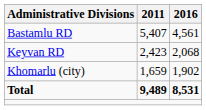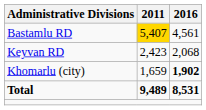 <table class="wikitable">
 <tr>
 <th>Administrative Divisions</th>
 <th>2011</th>
 <th>2016</th>
 </tr>
 <tr>
 <td><a href='#'>Bastamlu RD</a></td>
-<td style="text-align: right;">5,407</td>
+<td style="background: gold; text-align: right;">5,407</td>
 <td style="text-align: right;">4,561</td>
 </tr>
 <tr>
 <td><a href='#'>Keyvan RD</a></td>
 <td style="text-align: right;">2,423</td>
 <td style="text-align: right;">2,068</td>
 </tr>
 <tr>
 <td><a href='#'>Khomarlu</a> (city)</td>
 <td style="text-align: right;">1,659</td>
-<td style="text-align: right;">1,902</td>
+<td style="text-align: right;"><strong>1,902</strong></td>
 </tr>
 <tr>
 <td><strong>Total</strong></td>
 <td style="text-align: right;"><strong>9,489</strong></td>
 <td style="text-align: right;"><strong>8,531</strong></td>
 </tr>
 <tr>
 <td colspan=3></td>
 </tr>
 </table>
